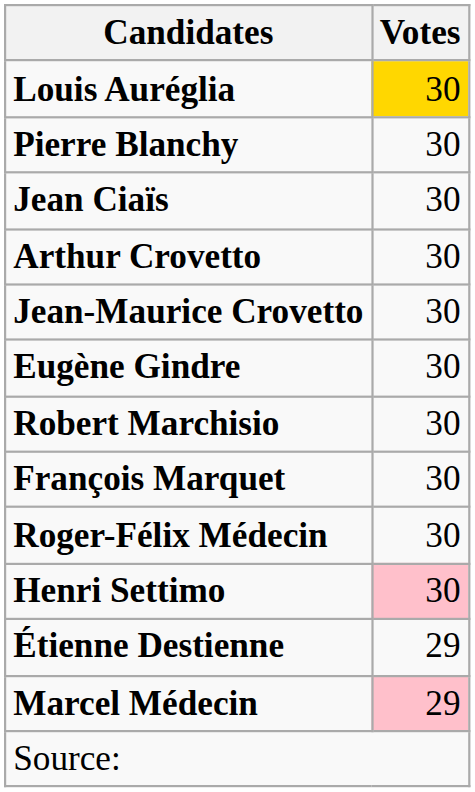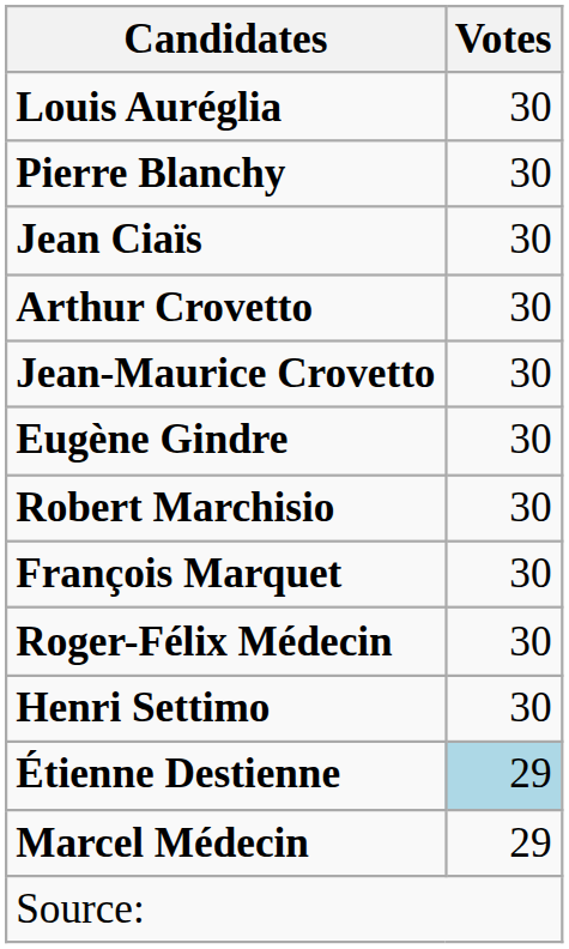 <table class="wikitable" style="text-align:right">
 <tr>
 <th>Candidates</th>
 <th>Votes</th>
 </tr>
 <tr>
 <td align=left><strong>Louis Auréglia</strong></td>
-<td style="background: gold;">30</td>
+<td>30</td>
 </tr>
 <tr>
 <td align=left><strong>Pierre Blanchy</strong></td>
 <td>30</td>
 </tr>
 <tr>
 <td align=left><strong>Jean Ciaïs</strong></td>
 <td>30</td>
 </tr>
 <tr>
 <td align=left><strong>Arthur Crovetto</strong></td>
 <td>30</td>
 </tr>
 <tr>
 <td align=left><strong>Jean-Maurice Crovetto</strong></td>
 <td>30</td>
 </tr>
 <tr>
 <td align=left><strong>Eugène Gindre</strong></td>
 <td>30</td>
 </tr>
 <tr>
 <td align=left><strong>Robert Marchisio</strong></td>
 <td>30</td>
 </tr>
 <tr>
 <td align=left><strong>François Marquet</strong></td>
 <td>30</td>
 </tr>
 <tr>
 <td align=left><strong>Roger-Félix Médecin</strong></td>
 <td>30</td>
 </tr>
 <tr>
 <td align=left><strong>Henri Settimo</strong></td>
-<td style="background: pink;">30</td>
+<td>30</td>
 </tr>
 <tr>
 <td align=left><strong>Étienne Destienne</strong></td>
-<td>29</td>
+<td style="background: lightblue;">29</td>
 </tr>
 <tr>
 <td align=left><strong>Marcel Médecin</strong></td>
-<td style="background: pink;">29</td>
+<td>29</td>
 </tr>
 <tr>
 <td colspan=4 align=left>Source:</td>
 </tr>
 </table>
